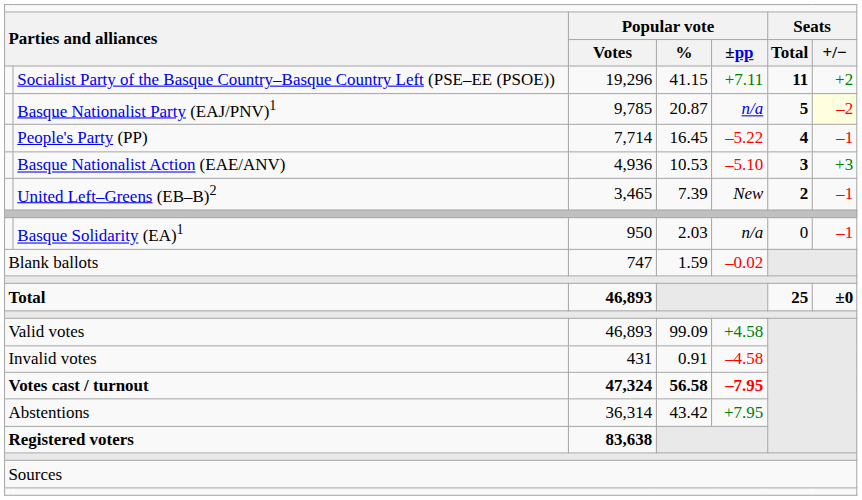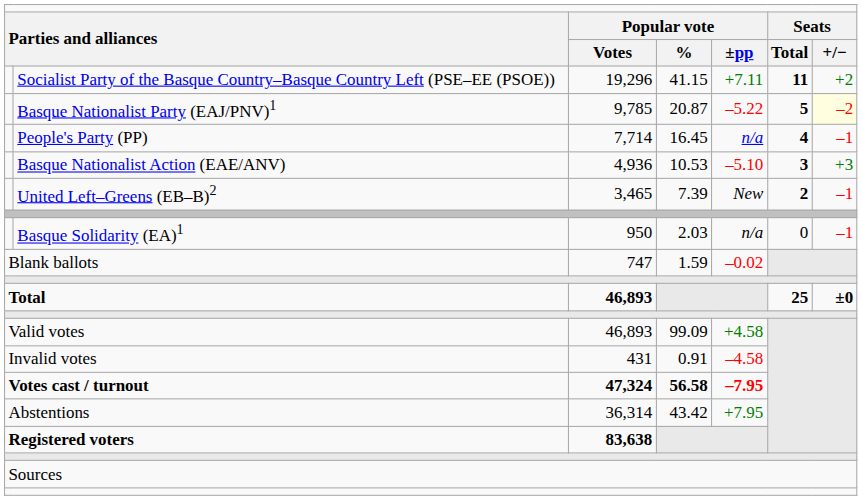 <table class="wikitable" style="text-align:right;">
 <tr>
 <td colspan="7"></td>
 </tr>
 <tr>
 <th style="text-align:left;" rowspan="2" colspan="2" width="525">Parties and alliances</th>
 <th colspan="3">Popular vote</th>
 <th colspan="2">Seats</th>
 </tr>
 <tr>
 <th width="75">Votes</th>
 <th width="45">%</th>
 <th width="45">±<a href='#'>pp</a></th>
 <th width="35">Total</th>
 <th width="35">+/−</th>
 </tr>
 <tr>
 <td width="1" style="color:inherit;background:"></td>
 <td align="left"><a href='#'>Socialist Party of the Basque Country–Basque Country Left</a> (PSE–EE (PSOE))</td>
 <td>19,296</td>
 <td>41.15</td>
 <td style="color:green;">+7.11</td>
 <td><strong>11</strong></td>
 <td style="color:green;">+2</td>
 </tr>
 <tr>
 <td style="color:inherit;background:"></td>
 <td align="left"><a href='#'>Basque Nationalist Party</a> (EAJ/PNV)<sup>1</sup></td>
 <td>9,785</td>
 <td>20.87</td>
-<td><em><a href='#'>n/a</a></em></td>
+<td style="color:red;">–5.22</td>
 <td><strong>5</strong></td>
 <td style="background: lightyellow; color:red;">–2</td>
 </tr>
 <tr>
 <td style="color:inherit;background:"></td>
 <td align="left"><a href='#'>People's Party</a> (PP)</td>
 <td>7,714</td>
 <td>16.45</td>
-<td style="color:red;">–5.22</td>
+<td><em><a href='#'>n/a</a></em></td>
 <td><strong>4</strong></td>
 <td style="color:red;">–1</td>
 </tr>
 <tr>
 <td style="color:inherit;background:"></td>
 <td align="left"><a href='#'>Basque Nationalist Action</a> (EAE/ANV)</td>
 <td>4,936</td>
 <td>10.53</td>
 <td style="color:red;">–5.10</td>
 <td><strong>3</strong></td>
 <td style="color:green;">+3</td>
 </tr>
 <tr>
 <td style="color:inherit;background:"></td>
 <td align="left"><a href='#'>United Left–Greens</a> (EB–B)<sup>2</sup></td>
 <td>3,465</td>
 <td>7.39</td>
 <td><em>New</em></td>
 <td><strong>2</strong></td>
 <td style="color:red;">–1</td>
 </tr>
 <tr>
 <td colspan="7" bgcolor="#C0C0C0"></td>
 </tr>
 <tr>
 <td style="color:inherit;background:"></td>
 <td align="left"><a href='#'>Basque Solidarity</a> (EA)<sup>1</sup></td>
 <td>950</td>
 <td>2.03</td>
 <td><em>n/a</em></td>
 <td>0</td>
 <td style="color:red;">–1</td>
 </tr>
 <tr>
 <td align="left" colspan="2">Blank ballots</td>
 <td>747</td>
 <td>1.59</td>
 <td style="color:red;">–0.02</td>
 <td bgcolor="#E9E9E9" colspan="2"></td>
 </tr>
 <tr>
 <td colspan="7" bgcolor="#E9E9E9"></td>
 </tr>
 <tr style="font-weight:bold;">
 <td align="left" colspan="2">Total</td>
 <td>46,893</td>
 <td bgcolor="#E9E9E9" colspan="2"></td>
 <td>25</td>
 <td>±0</td>
 </tr>
 <tr>
 <td colspan="7" bgcolor="#E9E9E9"></td>
 </tr>
 <tr>
 <td align="left" colspan="2">Valid votes</td>
 <td>46,893</td>
 <td>99.09</td>
 <td style="color:green;">+4.58</td>
 <td bgcolor="#E9E9E9" colspan="2" rowspan="5"></td>
 </tr>
 <tr>
 <td align="left" colspan="2">Invalid votes</td>
 <td>431</td>
 <td>0.91</td>
 <td style="color:red;">–4.58</td>
 </tr>
 <tr style="font-weight:bold;">
 <td align="left" colspan="2">Votes cast / turnout</td>
 <td>47,324</td>
 <td>56.58</td>
 <td style="color:red;">–7.95</td>
 </tr>
 <tr>
 <td align="left" colspan="2">Abstentions</td>
 <td>36,314</td>
 <td>43.42</td>
 <td style="color:green;">+7.95</td>
 </tr>
 <tr style="font-weight:bold;">
 <td align="left" colspan="2">Registered voters</td>
 <td>83,638</td>
 <td bgcolor="#E9E9E9" colspan="2"></td>
 </tr>
 <tr>
 <td colspan="7" bgcolor="#E9E9E9"></td>
 </tr>
 <tr>
 <td align="left" colspan="7">Sources</td>
 </tr>
 <tr>
 <td colspan="7" style="text-align:left; max-width:790px;"></td>
 </tr>
 </table>
